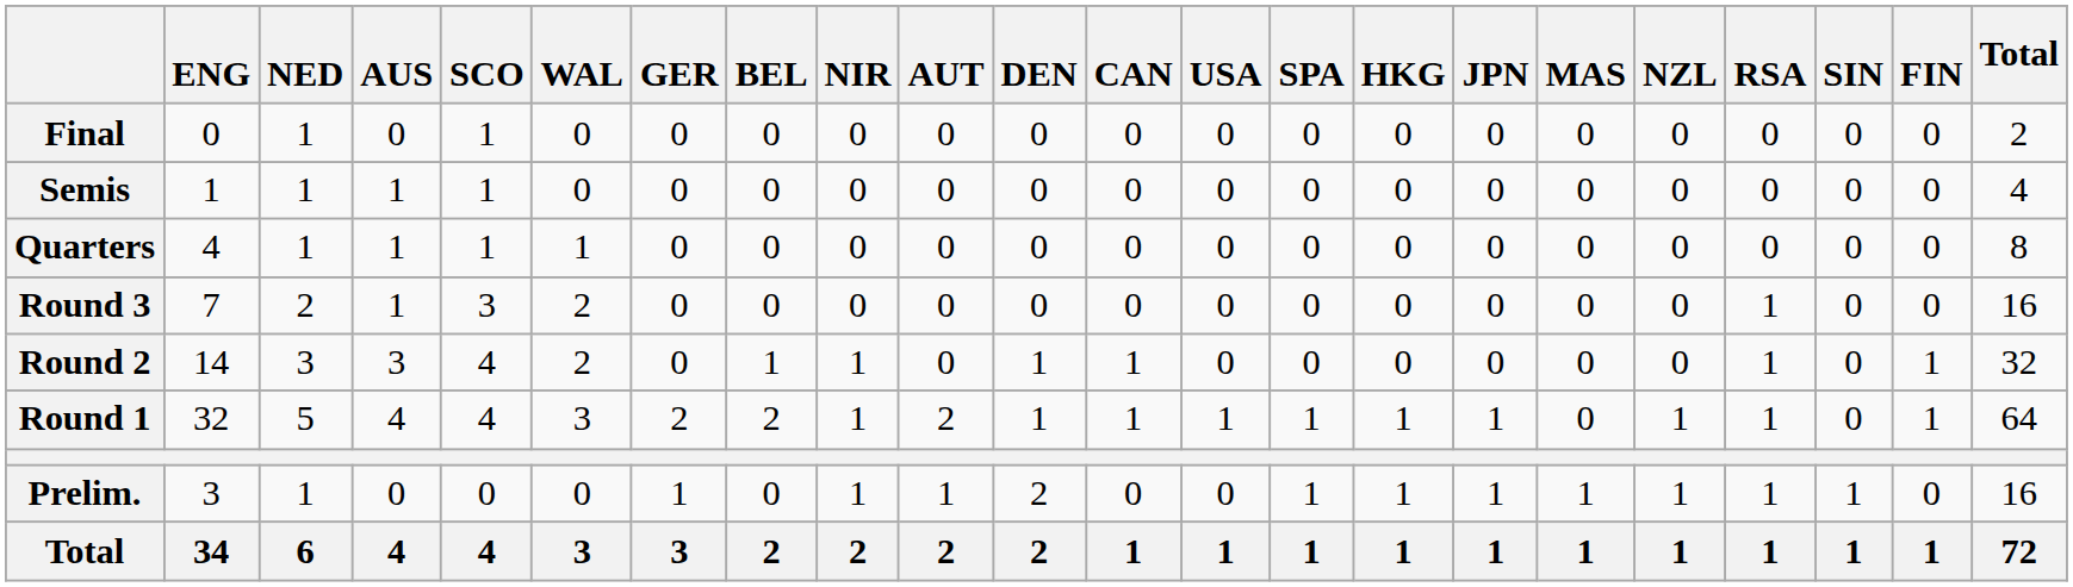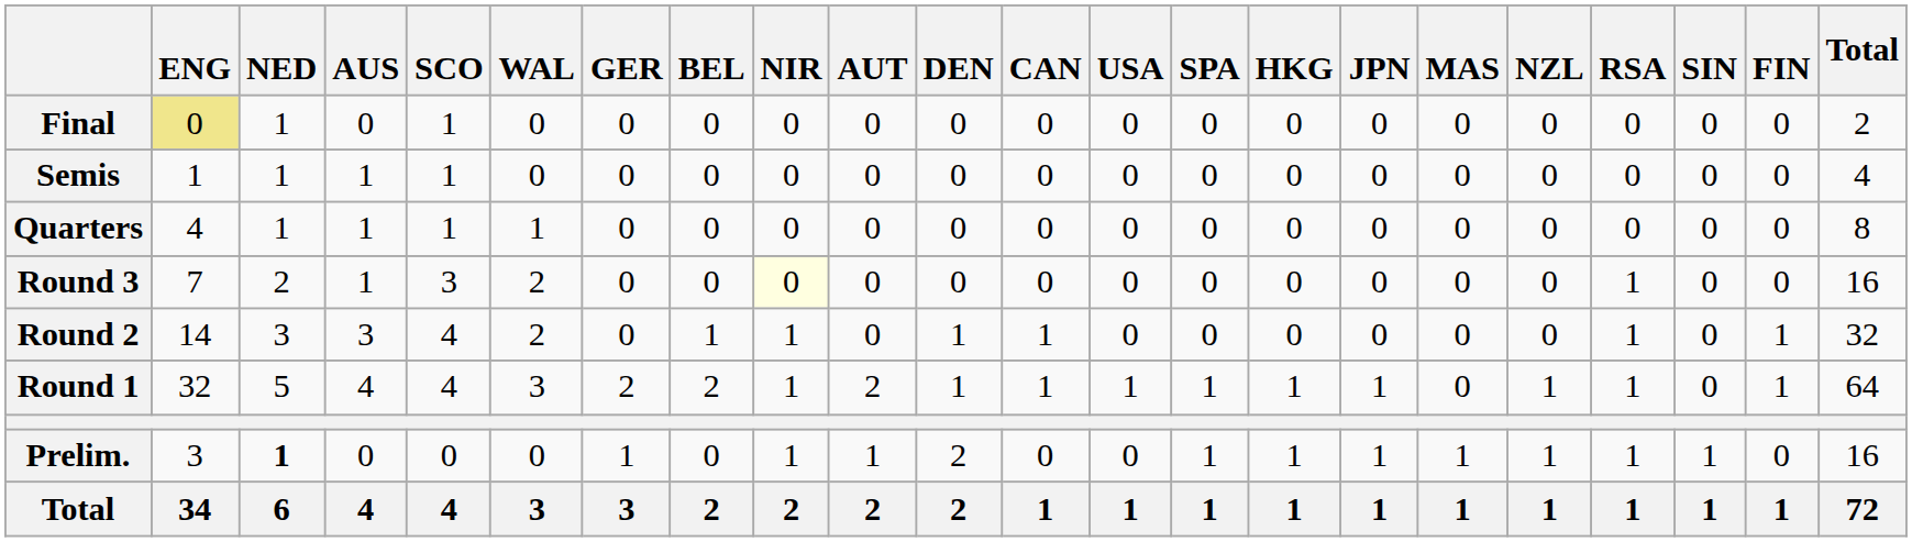 <table class="wikitable">
 <tr>
 <th></th>
 <th> <br>ENG</th>
 <th> <br>NED</th>
 <th> <br>AUS</th>
 <th> <br>SCO</th>
 <th> <br>WAL</th>
 <th> <br>GER</th>
 <th> <br>BEL</th>
 <th> <br>NIR</th>
 <th> <br>AUT</th>
 <th> <br>DEN</th>
 <th> <br>CAN</th>
 <th> <br>USA</th>
 <th> <br>SPA</th>
 <th> <br>HKG</th>
 <th> <br>JPN</th>
 <th> <br>MAS</th>
 <th> <br>NZL</th>
 <th> <br>RSA</th>
 <th> <br>SIN</th>
 <th> <br>FIN</th>
 <th>Total</th>
 </tr>
 <tr align="center">
 <th>Final</th>
-<td>0</td>
+<td style="background: khaki;">0</td>
 <td>1</td>
 <td>0</td>
 <td>1</td>
 <td>0</td>
 <td>0</td>
 <td>0</td>
 <td>0</td>
 <td>0</td>
 <td>0</td>
 <td>0</td>
 <td>0</td>
 <td>0</td>
 <td>0</td>
 <td>0</td>
 <td>0</td>
 <td>0</td>
 <td>0</td>
 <td>0</td>
 <td>0</td>
 <td>2</td>
 </tr>
 <tr align="center">
 <th>Semis</th>
 <td>1</td>
 <td>1</td>
 <td>1</td>
 <td>1</td>
 <td>0</td>
 <td>0</td>
 <td>0</td>
 <td>0</td>
 <td>0</td>
 <td>0</td>
 <td>0</td>
 <td>0</td>
 <td>0</td>
 <td>0</td>
 <td>0</td>
 <td>0</td>
 <td>0</td>
 <td>0</td>
 <td>0</td>
 <td>0</td>
 <td>4</td>
 </tr>
 <tr align="center">
 <th>Quarters</th>
 <td>4</td>
 <td>1</td>
 <td>1</td>
 <td>1</td>
 <td>1</td>
 <td>0</td>
 <td>0</td>
 <td>0</td>
 <td>0</td>
 <td>0</td>
 <td>0</td>
 <td>0</td>
 <td>0</td>
 <td>0</td>
 <td>0</td>
 <td>0</td>
 <td>0</td>
 <td>0</td>
 <td>0</td>
 <td>0</td>
 <td>8</td>
 </tr>
 <tr align="center">
 <th>Round 3</th>
 <td>7</td>
 <td>2</td>
 <td>1</td>
 <td>3</td>
 <td>2</td>
 <td>0</td>
 <td>0</td>
-<td>0</td>
+<td style="background: lightyellow;">0</td>
 <td>0</td>
 <td>0</td>
 <td>0</td>
 <td>0</td>
 <td>0</td>
 <td>0</td>
 <td>0</td>
 <td>0</td>
 <td>0</td>
 <td>1</td>
 <td>0</td>
 <td>0</td>
 <td>16</td>
 </tr>
 <tr align="center">
 <th>Round 2</th>
 <td>14</td>
 <td>3</td>
 <td>3</td>
 <td>4</td>
 <td>2</td>
 <td>0</td>
 <td>1</td>
 <td>1</td>
 <td>0</td>
 <td>1</td>
 <td>1</td>
 <td>0</td>
 <td>0</td>
 <td>0</td>
 <td>0</td>
 <td>0</td>
 <td>0</td>
 <td>1</td>
 <td>0</td>
 <td>1</td>
 <td>32</td>
 </tr>
 <tr align="center">
 <th>Round 1</th>
 <td>32</td>
 <td>5</td>
 <td>4</td>
 <td>4</td>
 <td>3</td>
 <td>2</td>
 <td>2</td>
 <td>1</td>
 <td>2</td>
 <td>1</td>
 <td>1</td>
 <td>1</td>
 <td>1</td>
 <td>1</td>
 <td>1</td>
 <td>0</td>
 <td>1</td>
 <td>1</td>
 <td>0</td>
 <td>1</td>
 <td>64</td>
 </tr>
 <tr align="center">
 <th colspan=23></th>
 </tr>
 <tr align="center">
 <th>Prelim.</th>
 <td>3</td>
-<td>1</td>
+<td><strong>1</strong></td>
 <td>0</td>
 <td>0</td>
 <td>0</td>
 <td>1</td>
 <td>0</td>
 <td>1</td>
 <td>1</td>
 <td>2</td>
 <td>0</td>
 <td>0</td>
 <td>1</td>
 <td>1</td>
 <td>1</td>
 <td>1</td>
 <td>1</td>
 <td>1</td>
 <td>1</td>
 <td>0</td>
 <td>16</td>
 </tr>
 <tr>
 <th>Total</th>
 <th>34</th>
 <th>6</th>
 <th>4</th>
 <th>4</th>
 <th>3</th>
 <th>3</th>
 <th>2</th>
 <th>2</th>
 <th>2</th>
 <th>2</th>
 <th>1</th>
 <th>1</th>
 <th>1</th>
 <th>1</th>
 <th>1</th>
 <th>1</th>
 <th>1</th>
 <th>1</th>
 <th>1</th>
 <th>1</th>
 <th>72</th>
 </tr>
 </table>
